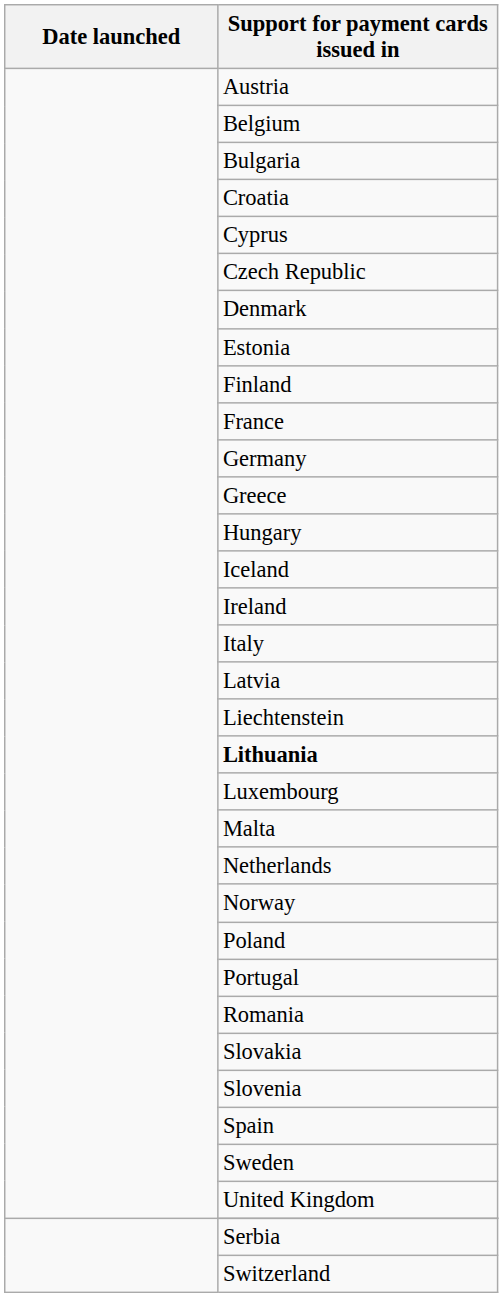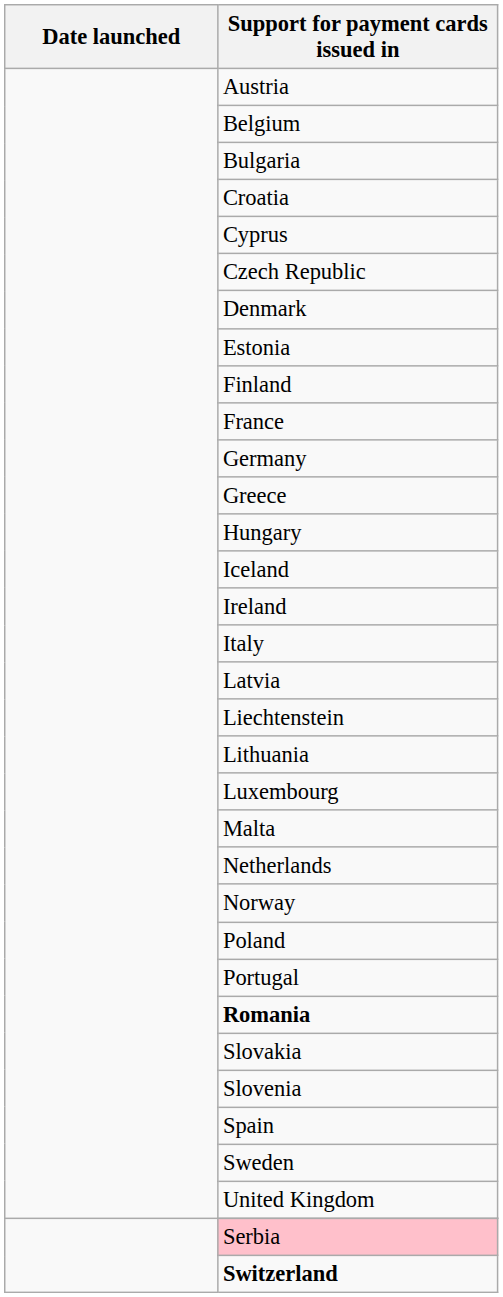 <table class="wikitable sortable" style="font-size:95%">
 <tr>
 <th style="width:9em;">Date launched</th>
 <th style="width:12em;">Support for payment cards issued in</th>
 </tr>
 <tr>
 <td rowspan="31"></td>
 <td>Austria</td>
 </tr>
 <tr>
 <td>Belgium</td>
 </tr>
 <tr>
 <td>Bulgaria</td>
 </tr>
 <tr>
 <td>Croatia</td>
 </tr>
 <tr>
 <td>Cyprus</td>
 </tr>
 <tr>
 <td>Czech Republic</td>
 </tr>
 <tr>
 <td>Denmark</td>
 </tr>
 <tr>
 <td>Estonia</td>
 </tr>
 <tr>
 <td>Finland</td>
 </tr>
 <tr>
 <td>France</td>
 </tr>
 <tr>
 <td>Germany</td>
 </tr>
 <tr>
 <td>Greece</td>
 </tr>
 <tr>
 <td>Hungary</td>
 </tr>
 <tr>
 <td>Iceland</td>
 </tr>
 <tr>
 <td>Ireland</td>
 </tr>
 <tr>
 <td>Italy</td>
 </tr>
 <tr>
 <td>Latvia</td>
 </tr>
 <tr>
 <td>Liechtenstein</td>
 </tr>
 <tr>
-<td><strong>Lithuania</strong></td>
+<td>Lithuania</td>
 </tr>
 <tr>
 <td>Luxembourg</td>
 </tr>
 <tr>
 <td>Malta</td>
 </tr>
 <tr>
 <td>Netherlands</td>
 </tr>
 <tr>
 <td>Norway</td>
 </tr>
 <tr>
 <td>Poland</td>
 </tr>
 <tr>
 <td>Portugal</td>
 </tr>
 <tr>
-<td>Romania</td>
+<td><strong>Romania</strong></td>
 </tr>
 <tr>
 <td>Slovakia</td>
 </tr>
 <tr>
 <td>Slovenia</td>
 </tr>
 <tr>
 <td>Spain</td>
 </tr>
 <tr>
 <td>Sweden</td>
 </tr>
 <tr>
 <td>United Kingdom</td>
 </tr>
 <tr>
 <td rowspan="3"></td>
 </tr>
 <tr>
-<td>Serbia</td>
+<td style="background: pink;">Serbia</td>
 </tr>
 <tr>
-<td>Switzerland</td>
+<td><strong>Switzerland</strong></td>
 </tr>
 </table>
